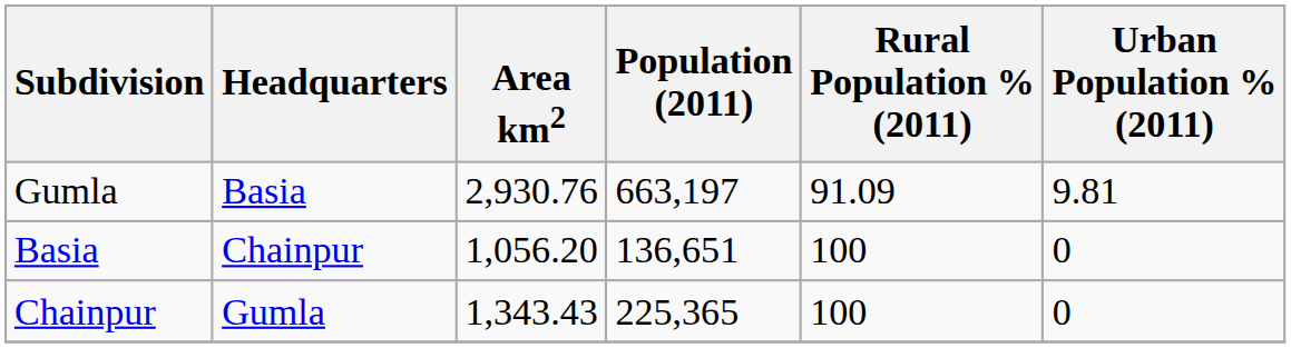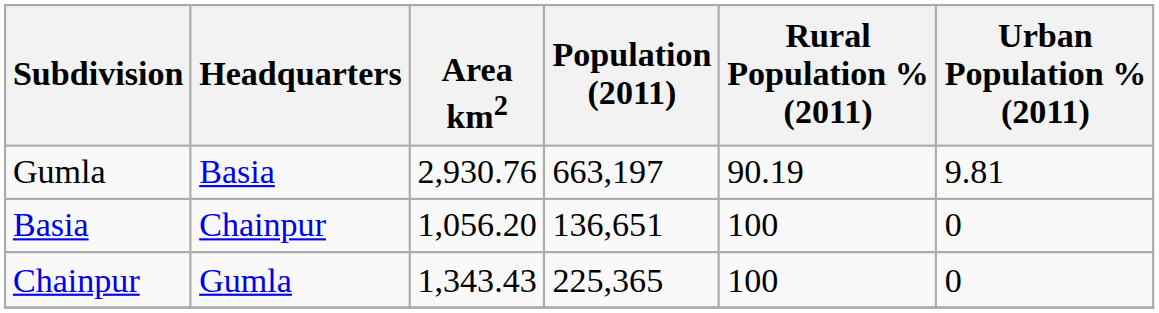 <table class="wikitable sortable">
 <tr>
 <th>Subdivision</th>
 <th>Headquarters</th>
 <th><br>Area<br>km<sup>2</sup></th>
 <th>Population<br>(2011)</th>
 <th>Rural<br>Population %<br>(2011)</th>
 <th>Urban<br> Population % <br>(2011)</th>
 </tr>
 <tr>
 <td>Gumla</td>
 <td><a href='#'>Basia</a></td>
 <td>2,930.76</td>
 <td>663,197</td>
-<td>91.09</td>
+<td>90.19</td>
 <td>9.81</td>
 </tr>
 <tr>
 <td><a href='#'>Basia</a></td>
 <td><a href='#'>Chainpur</a></td>
 <td>1,056.20</td>
 <td>136,651</td>
 <td>100</td>
 <td>0</td>
 </tr>
 <tr>
 <td><a href='#'>Chainpur</a></td>
 <td><a href='#'>Gumla</a></td>
 <td>1,343.43</td>
 <td>225,365</td>
 <td>100</td>
 <td>0</td>
 </tr>
 <tr>
 </tr>
 </table>
